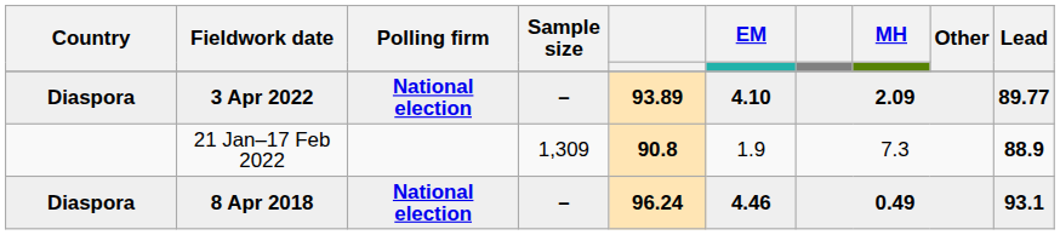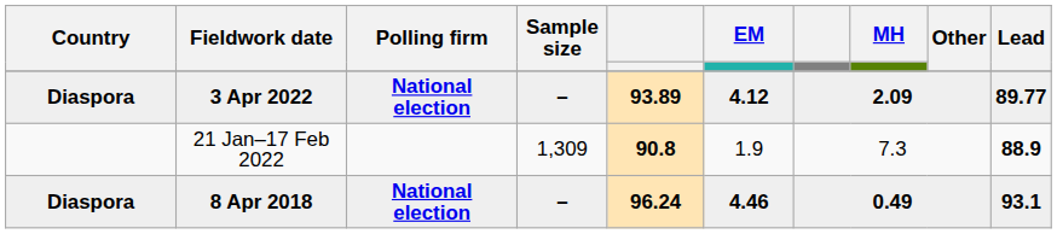 <table class="wikitable sortable" style="text-align:center;font-size:95%;line-height:16px;">
 <tr style="height:42px;">
 <th style="width:120px;" rowspan="2">Country</th>
 <th style="width:120px;" rowspan="2">Fieldwork date</th>
 <th style="width:120px;" rowspan="2">Polling firm</th>
 <th style="width:60px;" rowspan="2">Sample<br>size</th>
 <th style="width:65px;"></th>
 <th style="width:60px;"><a href='#'>EM</a></th>
 <th style="width:35px;"></th>
 <th style="width:50px;"><a href='#'>MH</a></th>
 <th style="width:40px;" class="unsortable" rowspan="2">Other</th>
 <th style="width:20px;" class="unsortable" rowspan="2">Lead</th>
 </tr>
 <tr>
 <th style="color:inherit;background:"></th>
 <th style="color:inherit;background:#20B2AA"></th>
 <th style="color:inherit;background:#808080;"></th>
 <th style="color:inherit;background:#568203"></th>
 </tr>
 <tr>
 </tr>
 <tr style="background:#EFEFEF; font-weight:bold;">
 <td>Diaspora</td>
 <td>3 Apr 2022</td>
 <td><a href='#'>National election</a></td>
 <td>–</td>
 <td style="background:#FFE5B4">93.89</td>
-<td>4.10</td>
+<td>4.12</td>
 <td colspan="3">2.09</td>
 <td style="background:">89.77</td>
 </tr>
 <tr>
 <td></td>
 <td data-sort-value="2022-02-17">21 Jan–17 Feb 2022</td>
 <td></td>
 <td>1,309</td>
 <td style="background:#FFE5B4"><strong>90.8</strong></td>
 <td>1.9</td>
 <td colspan="3">7.3</td>
 <td style="background:"><strong>88.9</strong></td>
 </tr>
 <tr style="background:#EFEFEF; font-weight:bold;">
 <td>Diaspora</td>
 <td>8 Apr 2018</td>
 <td><a href='#'>National election</a></td>
 <td>–</td>
 <td style="background:#FFE5B4">96.24</td>
 <td>4.46</td>
 <td colspan="3">0.49</td>
 <td style="background:">93.1</td>
 </tr>
 </table>
